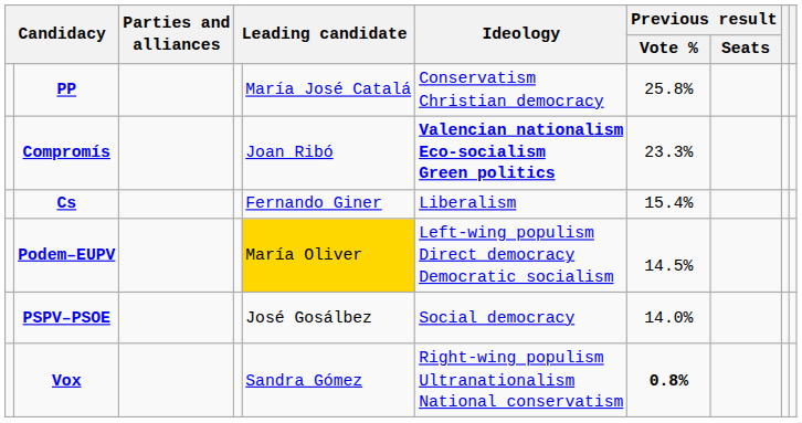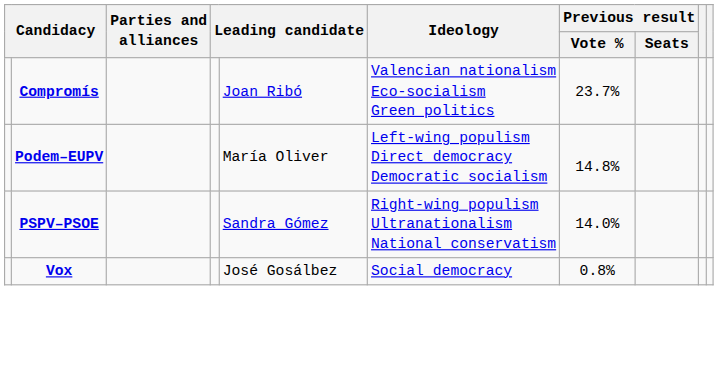 <table class="wikitable" style="line-height:1.35em; text-align:left;">
 <tr>
 <th colspan="2" rowspan="2">Candidacy</th>
 <th rowspan="2">Parties and<br>alliances</th>
 <th colspan="2" rowspan="2">Leading candidate</th>
 <th rowspan="2">Ideology</th>
 <th colspan="2">Previous result</th>
 <th rowspan="2"></th>
 <th rowspan="2"></th>
 </tr>
 <tr>
 <th>Vote %</th>
 <th>Seats</th>
 </tr>
 <tr>
-<td width="1" style="color:inherit;background:"></td>
-<td align="center"><strong><a href='#'>PP</a></strong></td>
-<td></td>
-<td></td>
-<td><a href='#'>María José Catalá</a></td>
-<td><a href='#'>Conservatism</a><br><a href='#'>Christian democracy</a></td>
-<td align="center">25.8%</td>
-<td></td>
-<td></td>
-<td></td>
-</tr>
-<tr>
 <td style="color:inherit;background:"></td>
 <td align="center"><strong><a href='#'>Compromís</a></strong></td>
 <td></td>
 <td></td>
 <td><a href='#'>Joan Ribó</a></td>
-<td><strong><a href='#'>Valencian nationalism</a><br><a href='#'>Eco-socialism</a><br><a href='#'>Green politics</a></strong></td>
-<td align="center">23.3%</td>
-<td></td>
-<td></td>
-<td></td>
-</tr>
-<tr>
-<td style="color:inherit;background:"></td>
-<td align="center"><strong><a href='#'>Cs</a></strong></td>
-<td></td>
-<td></td>
-<td><a href='#'>Fernando Giner</a></td>
-<td><a href='#'>Liberalism</a></td>
-<td align="center">15.4%</td>
+<td><a href='#'>Valencian nationalism</a><br><a href='#'>Eco-socialism</a><br><a href='#'>Green politics</a></td>
+<td align="center">23.7%</td>
 <td></td>
 <td></td>
 <td></td>
 </tr>
 <tr>
 <td style="color:inherit;background:"></td>
 <td align="center"><strong><a href='#'>Podem–EUPV</a></strong></td>
 <td></td>
 <td></td>
-<td style="background: gold;">María Oliver</td>
+<td>María Oliver</td>
 <td><a href='#'>Left-wing populism</a><br><a href='#'>Direct democracy</a><br><a href='#'>Democratic socialism</a></td>
-<td align="center"><br>14.5%<br></td>
+<td align="center"><br>14.8%<br></td>
 <td></td>
 <td></td>
 <td></td>
 </tr>
 <tr>
 <td style="color:inherit;background:"></td>
 <td align="center"><strong><a href='#'>PSPV–PSOE</a></strong></td>
 <td></td>
 <td></td>
-<td>José Gosálbez</td>
-<td><a href='#'>Social democracy</a></td>
+<td><a href='#'>Sandra Gómez</a></td>
+<td><a href='#'>Right-wing populism</a><br><a href='#'>Ultranationalism</a><br><a href='#'>National conservatism</a></td>
 <td align="center">14.0%</td>
 <td></td>
 <td></td>
 <td><br><br></td>
 </tr>
 <tr>
 <td style="color:inherit;background:"></td>
 <td align="center"><strong><a href='#'>Vox</a></strong></td>
 <td></td>
 <td></td>
-<td><a href='#'>Sandra Gómez</a></td>
-<td><a href='#'>Right-wing populism</a><br><a href='#'>Ultranationalism</a><br><a href='#'>National conservatism</a></td>
-<td align="center"><strong>0.8%</strong></td>
+<td>José Gosálbez</td>
+<td><a href='#'>Social democracy</a></td>
+<td align="center">0.8%</td>
 <td></td>
 <td></td>
 <td></td>
 </tr>
 </table>
